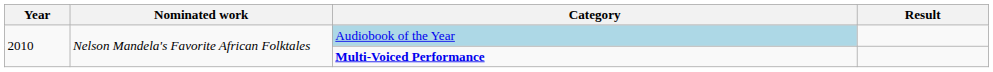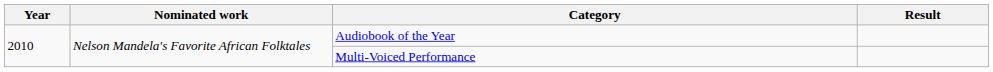 <table style="width:95%;" class="wikitable sortable">
 <tr>
 <th style="width:5%;">Year</th>
 <th style="width:20%;">Nominated work</th>
 <th style="width:40%;">Category</th>
 <th style="width:10%;">Result</th>
 </tr>
 <tr>
 <td rowspan=2>2010</td>
 <td rowspan=2><em>Nelson Mandela's Favorite African Folktales</em></td>
-<td style="background: lightblue;"><a href='#'>Audiobook of the Year</a></td>
+<td><a href='#'>Audiobook of the Year</a></td>
 <td></td>
 </tr>
 <tr>
-<td><strong><a href='#'>Multi-Voiced Performance</a></strong></td>
+<td><a href='#'>Multi-Voiced Performance</a></td>
 <td></td>
 </tr>
 </table>
